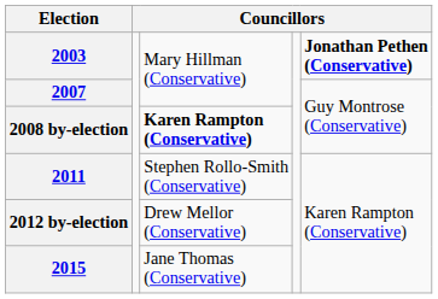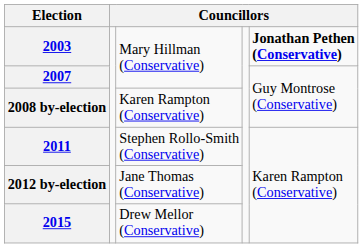 <table class="wikitable">
 <tr>
 <th>Election</th>
 <th colspan="4">Councillors</th>
 </tr>
 <tr>
 <th><a href='#'>2003</a></th>
 <td rowspan="6" style="background-color: "></td>
 <td rowspan="2">Mary Hillman<br>(<a href='#'>Conservative</a>)</td>
 <td rowspan="6" style="background-color: "></td>
 <td rowspan="1"><strong>Jonathan Pethen<br>(<a href='#'>Conservative</a>)</strong></td>
 </tr>
 <tr>
 <th><a href='#'>2007</a></th>
 <td rowspan="2">Guy Montrose<br>(<a href='#'>Conservative</a>)</td>
 </tr>
 <tr>
 <th>2008 by-election</th>
-<td><strong>Karen Rampton<br>(<a href='#'>Conservative</a>)</strong></td>
+<td>Karen Rampton<br>(<a href='#'>Conservative</a>)</td>
 </tr>
 <tr>
 <th><a href='#'>2011</a></th>
 <td>Stephen Rollo-Smith<br>(<a href='#'>Conservative</a>)</td>
 <td rowspan="4">Karen Rampton<br>(<a href='#'>Conservative</a>)</td>
 </tr>
 <tr>
 <th>2012 by-election</th>
-<td>Drew Mellor<br>(<a href='#'>Conservative</a>)</td>
+<td>Jane Thomas<br>(<a href='#'>Conservative</a>)</td>
 </tr>
 <tr>
 <th><a href='#'>2015</a></th>
-<td>Jane Thomas<br>(<a href='#'>Conservative</a>)</td>
+<td>Drew Mellor<br>(<a href='#'>Conservative</a>)</td>
 </tr>
 </table>
